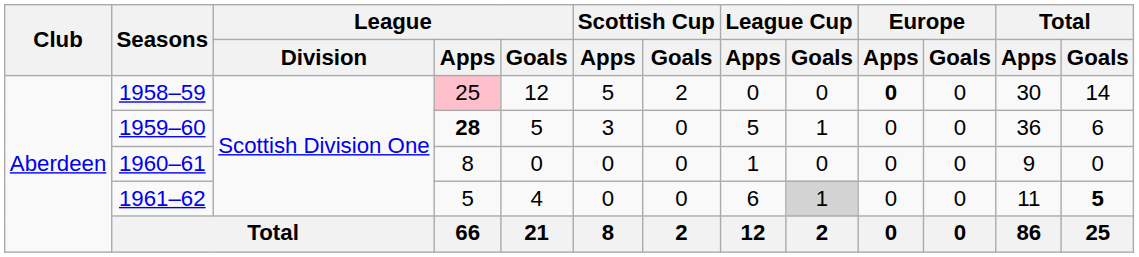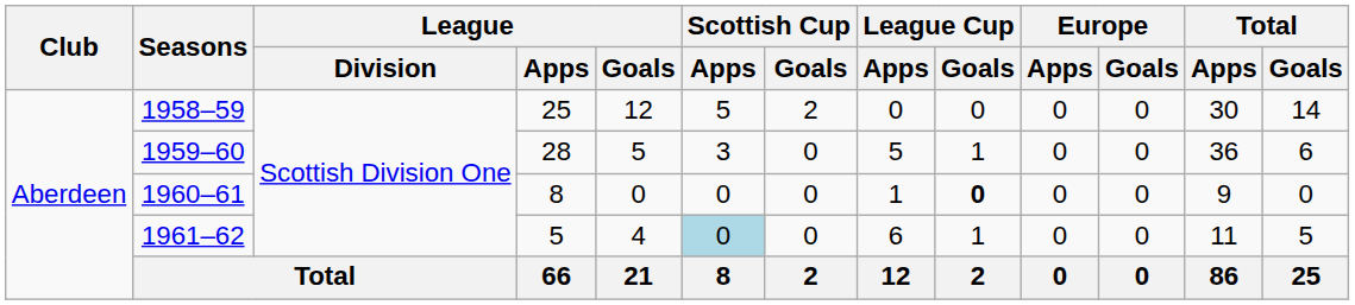 <table class="wikitable" style="text-align:center">
 <tr>
 <th rowspan="2">Club</th>
 <th rowspan="2">Seasons</th>
 <th colspan="3">League</th>
 <th colspan="2">Scottish Cup</th>
 <th colspan="2">League Cup</th>
 <th colspan="2">Europe</th>
 <th colspan="2">Total</th>
 </tr>
 <tr>
 <th>Division</th>
 <th>Apps</th>
 <th>Goals</th>
 <th>Apps</th>
 <th>Goals</th>
 <th>Apps</th>
 <th>Goals</th>
 <th>Apps</th>
 <th>Goals</th>
 <th>Apps</th>
 <th>Goals</th>
 </tr>
 <tr>
 <td rowspan="5"><a href='#'>Aberdeen</a></td>
 <td><a href='#'>1958–59</a></td>
 <td rowspan="4"><a href='#'>Scottish Division One</a></td>
-<td style="background: pink;">25</td>
+<td>25</td>
 <td>12</td>
 <td>5</td>
 <td>2</td>
 <td>0</td>
 <td>0</td>
-<td><strong>0</strong></td>
+<td>0</td>
 <td>0</td>
 <td>30</td>
 <td>14</td>
 </tr>
 <tr>
 <td><a href='#'>1959–60</a></td>
-<td><strong>28</strong></td>
+<td>28</td>
 <td>5</td>
 <td>3</td>
 <td>0</td>
 <td>5</td>
 <td>1</td>
 <td>0</td>
 <td>0</td>
 <td>36</td>
 <td>6</td>
 </tr>
 <tr>
 <td><a href='#'>1960–61</a></td>
 <td>8</td>
 <td>0</td>
 <td>0</td>
 <td>0</td>
 <td>1</td>
-<td>0</td>
+<td><strong>0</strong></td>
 <td>0</td>
 <td>0</td>
 <td>9</td>
 <td>0</td>
 </tr>
 <tr>
 <td><a href='#'>1961–62</a></td>
 <td>5</td>
 <td>4</td>
-<td>0</td>
+<td style="background: lightblue;">0</td>
 <td>0</td>
 <td>6</td>
-<td style="background: lightgrey;">1</td>
+<td>1</td>
 <td>0</td>
 <td>0</td>
 <td>11</td>
-<td><strong>5</strong></td>
+<td>5</td>
 </tr>
 <tr>
 <th colspan="2">Total</th>
 <th>66</th>
 <th>21</th>
 <th>8</th>
 <th>2</th>
 <th>12</th>
 <th>2</th>
 <th>0</th>
 <th>0</th>
 <th>86</th>
 <th>25</th>
 </tr>
 </table>
